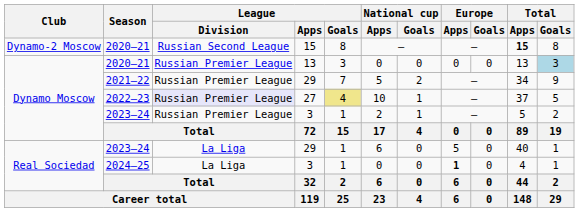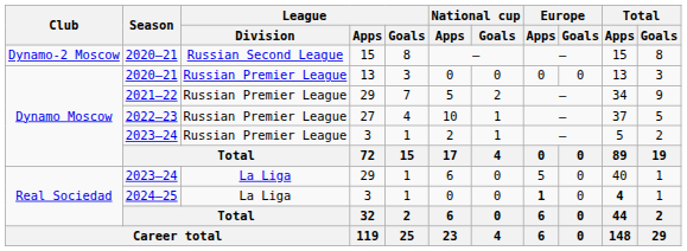 <table class="wikitable" style="text-align:center">
 <tr>
 <th rowspan="2">Club</th>
 <th rowspan="2">Season</th>
 <th colspan="3">League</th>
 <th colspan="2">National cup</th>
 <th colspan="2">Europe</th>
 <th colspan="2">Total</th>
 </tr>
 <tr>
 <th>Division</th>
 <th>Apps</th>
 <th>Goals</th>
 <th>Apps</th>
 <th>Goals</th>
 <th>Apps</th>
 <th>Goals</th>
 <th>Apps</th>
 <th>Goals</th>
 </tr>
 <tr>
 <td><a href='#'>Dynamo-2 Moscow</a></td>
 <td><a href='#'>2020–21</a></td>
 <td><a href='#'>Russian Second League</a></td>
 <td>15</td>
 <td>8</td>
 <td colspan="2">—</td>
 <td colspan="2">—</td>
-<td><strong>15</strong></td>
+<td>15</td>
 <td>8</td>
 </tr>
 <tr>
 <td rowspan="5"><a href='#'>Dynamo Moscow</a></td>
 <td><a href='#'>2020–21</a></td>
 <td><a href='#'>Russian Premier League</a></td>
 <td>13</td>
 <td>3</td>
 <td>0</td>
 <td>0</td>
 <td>0</td>
 <td>0</td>
 <td>13</td>
-<td style="background: lightblue;">3</td>
+<td>3</td>
 </tr>
 <tr>
 <td><a href='#'>2021–22</a></td>
 <td>Russian Premier League</td>
 <td>29</td>
 <td>7</td>
 <td>5</td>
 <td>2</td>
 <td colspan="2">—</td>
 <td>34</td>
 <td>9</td>
 </tr>
 <tr>
 <td><a href='#'>2022–23</a></td>
-<td style="background: lavender;">Russian Premier League</td>
+<td>Russian Premier League</td>
 <td>27</td>
-<td style="background: khaki;">4</td>
+<td>4</td>
 <td>10</td>
 <td>1</td>
 <td colspan="2">—</td>
 <td>37</td>
 <td>5</td>
 </tr>
 <tr>
 <td><a href='#'>2023–24</a></td>
 <td>Russian Premier League</td>
 <td>3</td>
 <td>1</td>
 <td>2</td>
 <td>1</td>
 <td colspan="2">—</td>
 <td>5</td>
 <td>2</td>
 </tr>
 <tr>
 <th colspan=2>Total</th>
 <th>72</th>
 <th>15</th>
 <th>17</th>
 <th>4</th>
 <th>0</th>
 <th>0</th>
 <th>89</th>
 <th>19</th>
 </tr>
 <tr>
 <td rowspan="3"><a href='#'>Real Sociedad</a></td>
 <td><a href='#'>2023–24</a></td>
 <td><a href='#'>La Liga</a></td>
 <td>29</td>
 <td>1</td>
 <td>6</td>
 <td>0</td>
 <td>5</td>
 <td>0</td>
 <td>40</td>
 <td>1</td>
 </tr>
 <tr>
 <td><a href='#'>2024–25</a></td>
 <td>La Liga</td>
 <td>3</td>
 <td>1</td>
 <td>0</td>
 <td>0</td>
 <td><strong>1</strong></td>
 <td>0</td>
-<td>4</td>
+<td><strong>4</strong></td>
 <td>1</td>
 </tr>
 <tr>
 <th colspan="2">Total</th>
 <th>32</th>
 <th>2</th>
 <th>6</th>
 <th>0</th>
 <th>6</th>
 <th>0</th>
 <th>44</th>
 <th>2</th>
 </tr>
 <tr>
 <th colspan="3">Career total</th>
 <th>119</th>
 <th>25</th>
 <th>23</th>
 <th>4</th>
 <th>6</th>
 <th>0</th>
 <th>148</th>
 <th>29</th>
 </tr>
 </table>
